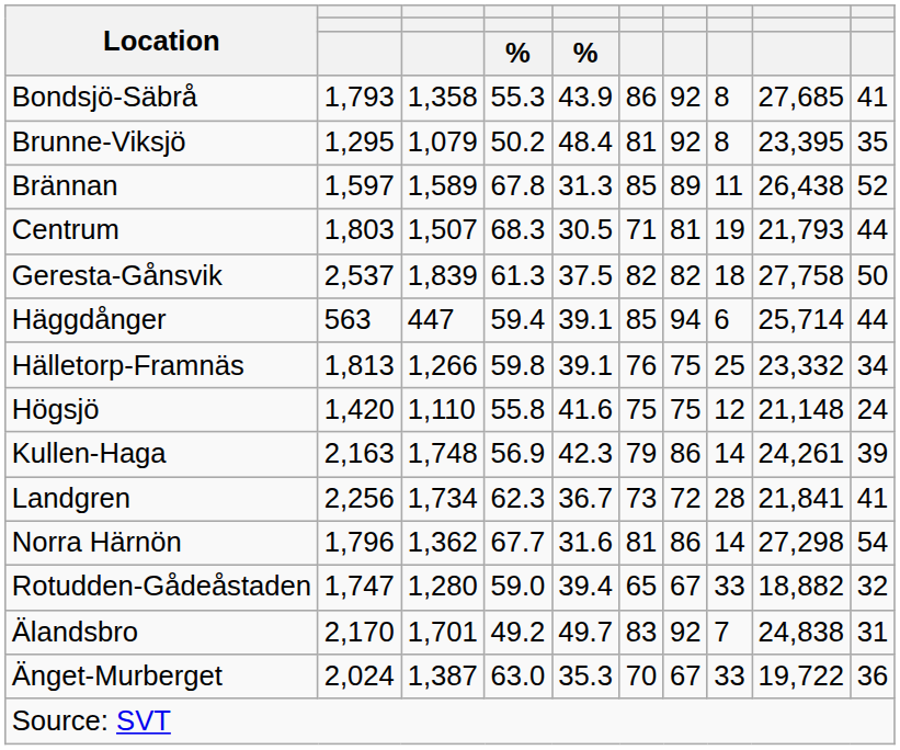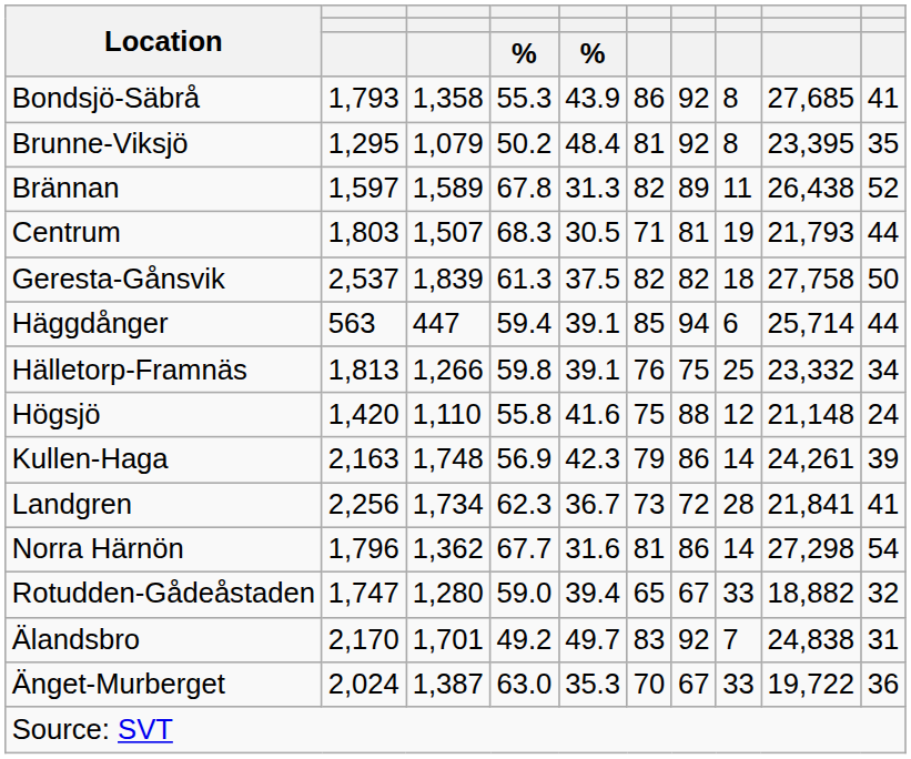 <table role="presentation" class="wikitable sortable mw-collapsible">
 <tr>
 <th rowspan="3">Location</th>
 <th></th>
 <th></th>
 <th></th>
 <th></th>
 <th></th>
 <th></th>
 <th></th>
 <th></th>
 <th></th>
 </tr>
 <tr>
 <th></th>
 <th></th>
 <th style="background:"></th>
 <th style="background:"></th>
 <th></th>
 <th></th>
 <th></th>
 <th></th>
 <th></th>
 </tr>
 <tr>
 <th data-sort-type="number"></th>
 <th data-sort-type="number"></th>
 <th data-sort-type="number">%</th>
 <th data-sort-type="number">%</th>
 <th data-sort-type="number"></th>
 <th data-sort-type="number"></th>
 <th data-sort-type="number"></th>
 <th data-sort-type="number"></th>
 <th data-sort-type="number"></th>
 </tr>
 <tr>
 <td align="left">Bondsjö-Säbrå</td>
 <td>1,793</td>
 <td>1,358</td>
 <td>55.3</td>
 <td>43.9</td>
 <td>86</td>
 <td>92</td>
 <td>8</td>
 <td>27,685</td>
 <td>41</td>
 </tr>
 <tr>
 <td align="left">Brunne-Viksjö</td>
 <td>1,295</td>
 <td>1,079</td>
 <td>50.2</td>
 <td>48.4</td>
 <td>81</td>
 <td>92</td>
 <td>8</td>
 <td>23,395</td>
 <td>35</td>
 </tr>
 <tr>
 <td align="left">Brännan</td>
 <td>1,597</td>
 <td>1,589</td>
 <td>67.8</td>
 <td>31.3</td>
-<td>85</td>
+<td>82</td>
 <td>89</td>
 <td>11</td>
 <td>26,438</td>
 <td>52</td>
 </tr>
 <tr>
 <td align="left">Centrum</td>
 <td>1,803</td>
 <td>1,507</td>
 <td>68.3</td>
 <td>30.5</td>
 <td>71</td>
 <td>81</td>
 <td>19</td>
 <td>21,793</td>
 <td>44</td>
 </tr>
 <tr>
 <td align="left">Geresta-Gånsvik</td>
 <td>2,537</td>
 <td>1,839</td>
 <td>61.3</td>
 <td>37.5</td>
 <td>82</td>
 <td>82</td>
 <td>18</td>
 <td>27,758</td>
 <td>50</td>
 </tr>
 <tr>
 <td align="left">Häggdånger</td>
 <td>563</td>
 <td>447</td>
 <td>59.4</td>
 <td>39.1</td>
 <td>85</td>
 <td>94</td>
 <td>6</td>
 <td>25,714</td>
 <td>44</td>
 </tr>
 <tr>
 <td align="left">Hälletorp-Framnäs</td>
 <td>1,813</td>
 <td>1,266</td>
 <td>59.8</td>
 <td>39.1</td>
 <td>76</td>
 <td>75</td>
 <td>25</td>
 <td>23,332</td>
 <td>34</td>
 </tr>
 <tr>
 <td align="left">Högsjö</td>
 <td>1,420</td>
 <td>1,110</td>
 <td>55.8</td>
 <td>41.6</td>
 <td>75</td>
-<td>75</td>
+<td>88</td>
 <td>12</td>
 <td>21,148</td>
 <td>24</td>
 </tr>
 <tr>
 <td align="left">Kullen-Haga</td>
 <td>2,163</td>
 <td>1,748</td>
 <td>56.9</td>
 <td>42.3</td>
 <td>79</td>
 <td>86</td>
 <td>14</td>
 <td>24,261</td>
 <td>39</td>
 </tr>
 <tr>
 <td align="left">Landgren</td>
 <td>2,256</td>
 <td>1,734</td>
 <td>62.3</td>
 <td>36.7</td>
 <td>73</td>
 <td>72</td>
 <td>28</td>
 <td>21,841</td>
 <td>41</td>
 </tr>
 <tr>
 <td align="left">Norra Härnön</td>
 <td>1,796</td>
 <td>1,362</td>
 <td>67.7</td>
 <td>31.6</td>
 <td>81</td>
 <td>86</td>
 <td>14</td>
 <td>27,298</td>
 <td>54</td>
 </tr>
 <tr>
 <td align="left">Rotudden-Gådeåstaden</td>
 <td>1,747</td>
 <td>1,280</td>
 <td>59.0</td>
 <td>39.4</td>
 <td>65</td>
 <td>67</td>
 <td>33</td>
 <td>18,882</td>
 <td>32</td>
 </tr>
 <tr>
 <td align="left">Älandsbro</td>
 <td>2,170</td>
 <td>1,701</td>
 <td>49.2</td>
 <td>49.7</td>
 <td>83</td>
 <td>92</td>
 <td>7</td>
 <td>24,838</td>
 <td>31</td>
 </tr>
 <tr>
 <td align="left">Änget-Murberget</td>
 <td>2,024</td>
 <td>1,387</td>
 <td>63.0</td>
 <td>35.3</td>
 <td>70</td>
 <td>67</td>
 <td>33</td>
 <td>19,722</td>
 <td>36</td>
 </tr>
 <tr>
 <td colspan="10" align="left">Source: <a href='#'>SVT</a></td>
 </tr>
 </table>
